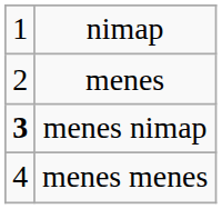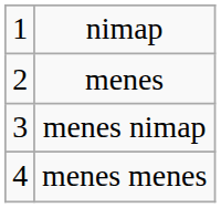 <table class="wikitable" border="1" style="text-align:center">
 <tr>
 <td>1</td>
 <td>nimap</td>
 </tr>
 <tr>
 <td>2</td>
 <td>menes</td>
 </tr>
 <tr>
-<td><strong>3</strong></td>
+<td>3</td>
 <td>menes nimap</td>
 </tr>
 <tr>
 <td>4</td>
 <td>menes menes</td>
 </tr>
 </table>
